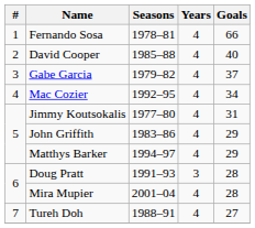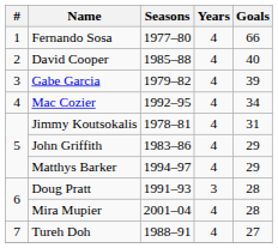 <table class="wikitable"; style= "text-align:center">
 <tr>
 <th width=20px>#</th>
 <th width=px>Name</th>
 <th width=px>Seasons</th>
 <th width=px>Years</th>
 <th width=px>Goals</th>
 </tr>
 <tr>
 <td>1</td>
 <td align=left>Fernando Sosa</td>
-<td>1978–81</td>
+<td>1977–80</td>
 <td>4</td>
 <td>66</td>
 </tr>
 <tr>
 <td>2</td>
 <td align=left>David Cooper</td>
 <td>1985–88</td>
 <td>4</td>
 <td>40</td>
 </tr>
 <tr>
 <td>3</td>
 <td align=left><a href='#'>Gabe Garcia</a></td>
 <td>1979–82</td>
 <td>4</td>
-<td>37</td>
+<td>39</td>
 </tr>
 <tr>
 <td>4</td>
 <td align=left><a href='#'>Mac Cozier</a></td>
 <td>1992–95</td>
 <td>4</td>
 <td>34</td>
 </tr>
 <tr>
 <td rowspan=3>5</td>
 <td align=left>Jimmy Koutsokalis</td>
-<td>1977–80</td>
+<td>1978–81</td>
 <td>4</td>
 <td>31</td>
 </tr>
 <tr>
 <td align=left>John Griffith</td>
 <td>1983–86</td>
 <td>4</td>
 <td>29</td>
 </tr>
 <tr>
 <td align=left>Matthys Barker</td>
 <td>1994–97</td>
 <td>4</td>
 <td>29</td>
 </tr>
 <tr>
 <td rowspan=2>6</td>
 <td align=left>Doug Pratt</td>
 <td>1991–93</td>
 <td>3</td>
 <td>28</td>
 </tr>
 <tr>
 <td align=left>Mira Mupier</td>
 <td>2001–04</td>
 <td>4</td>
 <td>28</td>
 </tr>
 <tr>
 <td>7</td>
 <td align=left>Tureh Doh</td>
 <td>1988–91</td>
 <td>4</td>
 <td>27</td>
 </tr>
 <tr>
 </tr>
 </table>
